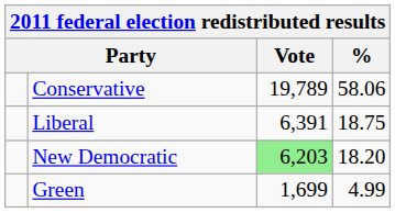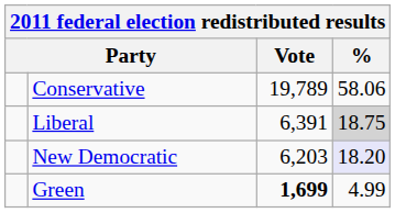 <table class="wikitable">
 <tr>
 <th colspan="4"><a href='#'>2011 federal election</a> redistributed results</th>
 </tr>
 <tr>
 <th bgcolor="#DDDDFF" width="130px" colspan="2">Party</th>
 <th bgcolor="#DDDDFF" width="50px">Vote</th>
 <th bgcolor="#DDDDFF" width="30px">%</th>
 </tr>
 <tr>
 <td> </td>
 <td><a href='#'>Conservative</a></td>
 <td align="right">19,789</td>
 <td align="right">58.06</td>
 </tr>
 <tr>
 <td> </td>
 <td><a href='#'>Liberal</a></td>
 <td align="right">6,391</td>
-<td align="right">18.75</td>
+<td align="right" style="background: lightgrey;">18.75</td>
 </tr>
 <tr>
 <td> </td>
 <td><a href='#'>New Democratic</a></td>
-<td align="right" style="background: lightgreen;">6,203</td>
-<td align="right">18.20</td>
+<td align="right">6,203</td>
+<td align="right" style="background: lavender;">18.20</td>
 </tr>
 <tr>
 <td> </td>
 <td><a href='#'>Green</a></td>
-<td align="right">1,699</td>
+<td align="right"><strong>1,699</strong></td>
 <td align="right">4.99</td>
 </tr>
 </table>
